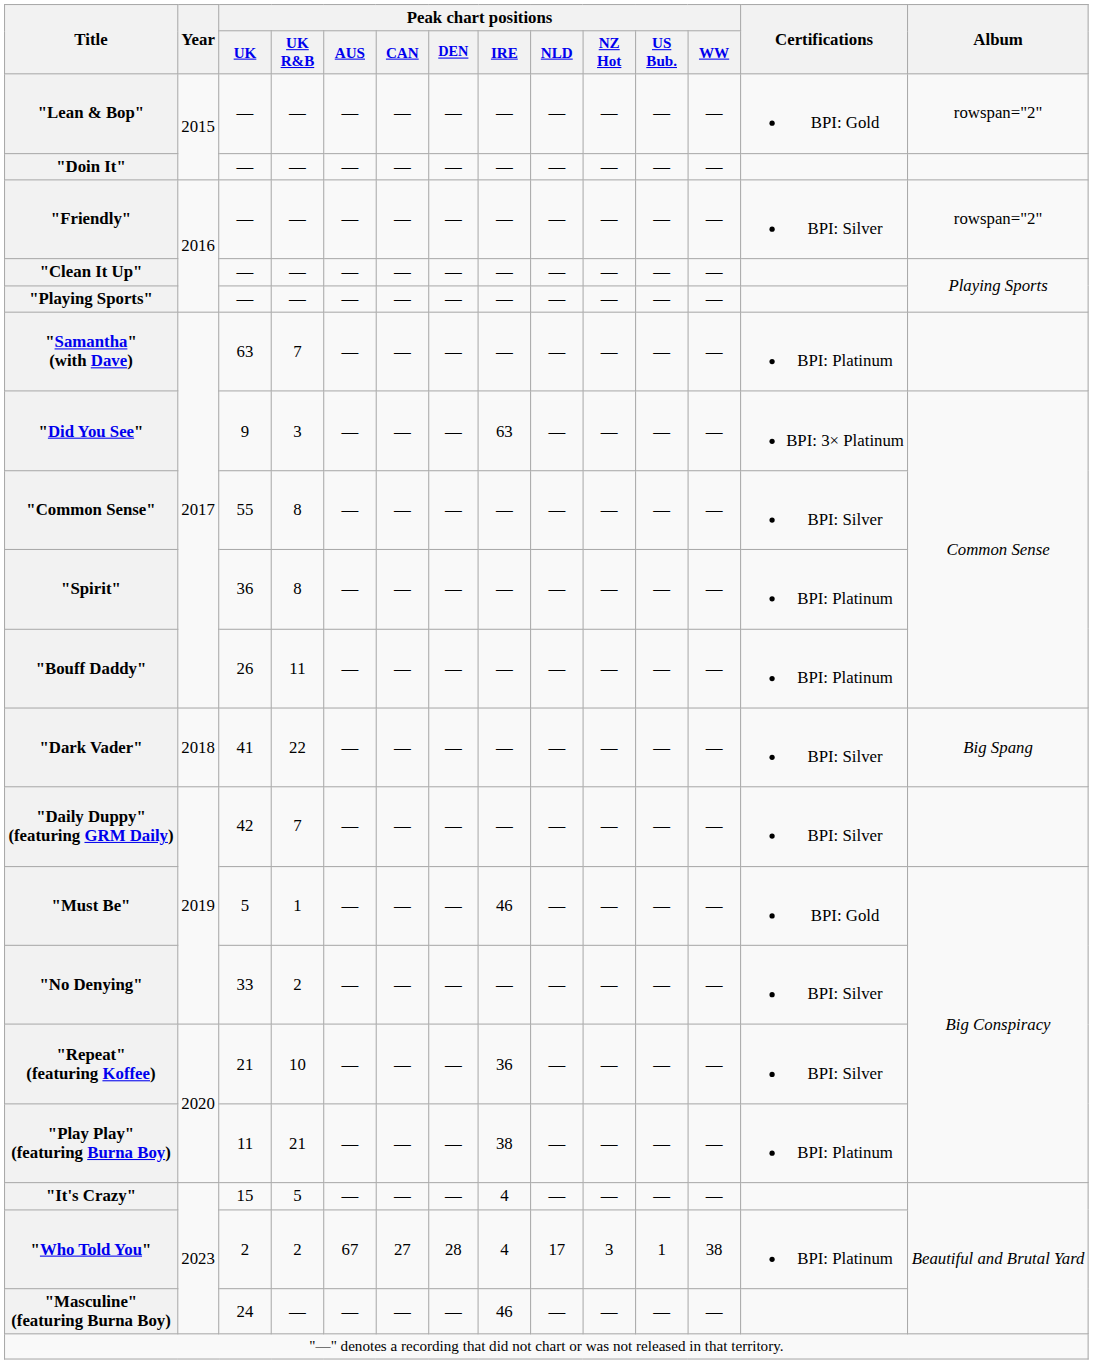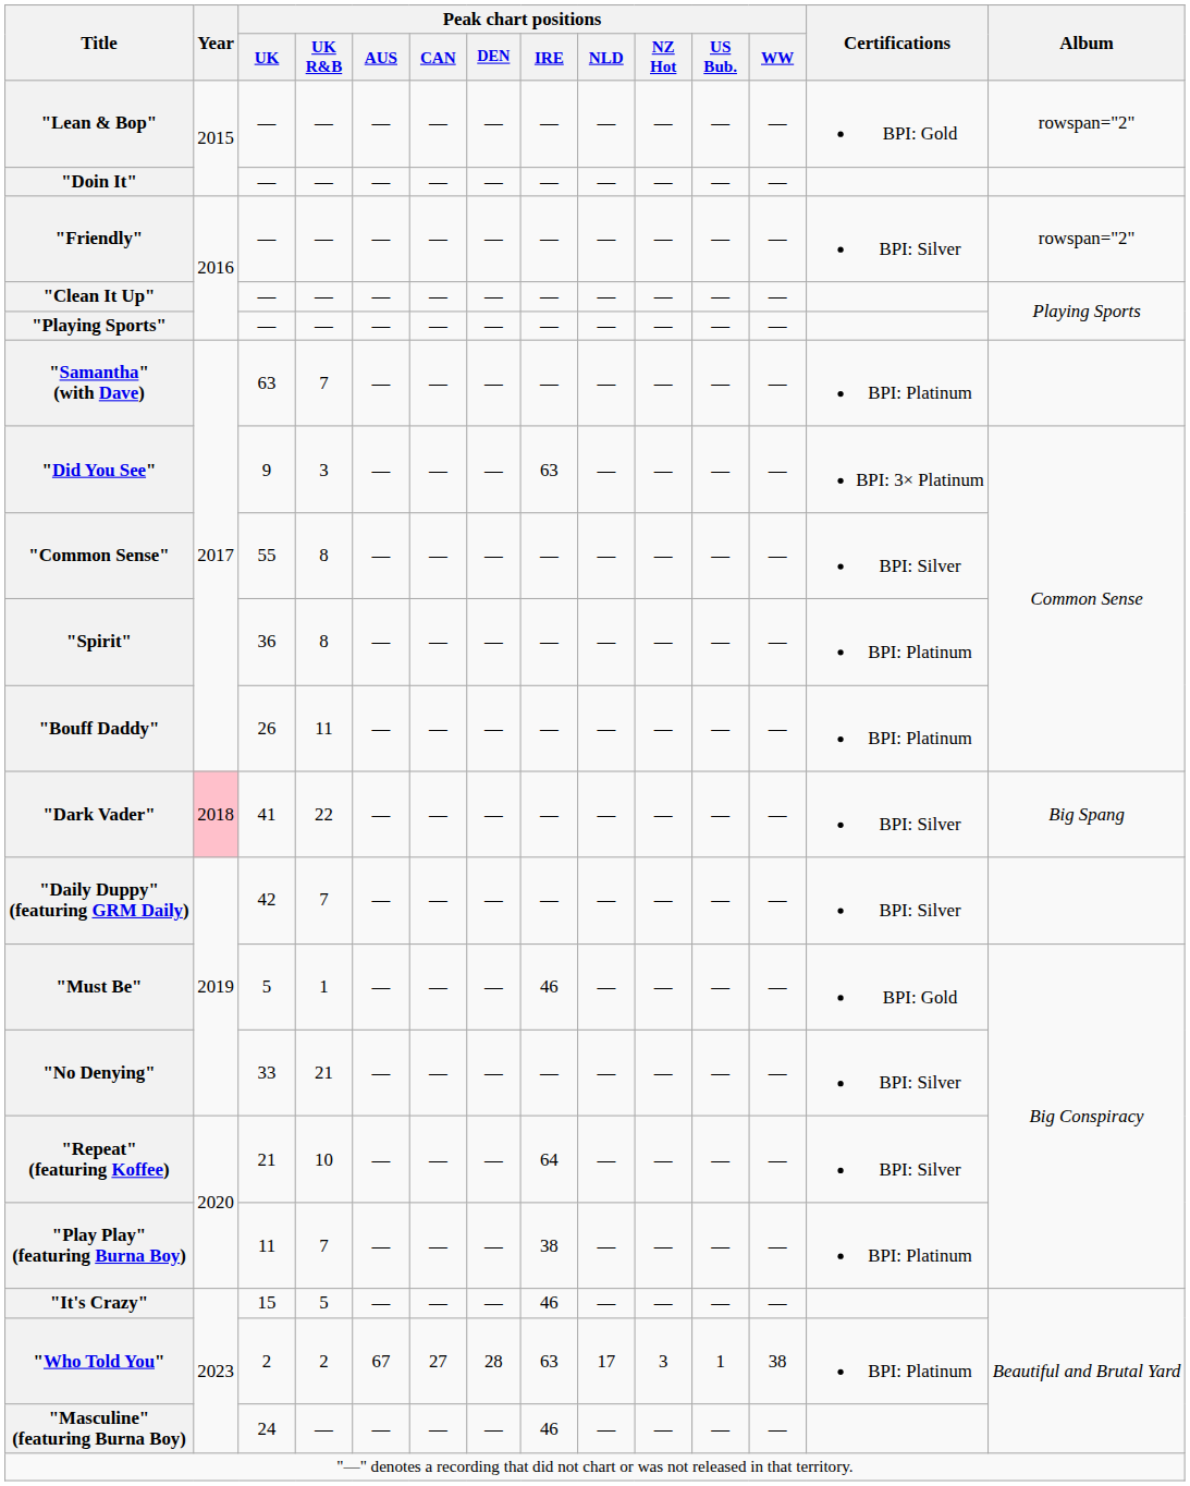 <table class="wikitable plainrowheaders" style="text-align:center;">
 <tr>
 <th scope="col" rowspan="2">Title</th>
 <th scope="col" rowspan="2">Year</th>
 <th scope="col" colspan="10">Peak chart positions</th>
 <th scope="col" rowspan="2">Certifications</th>
 <th scope="col" rowspan="2">Album</th>
 </tr>
 <tr>
 <th scope="col" style="width:3em;font-size:90%;"><a href='#'>UK</a><br></th>
 <th scope="col" style="width:3em;font-size:90%;"><a href='#'>UK<br>R&B</a><br></th>
 <th scope="col" style="width:3em;font-size:90%;"><a href='#'>AUS</a><br></th>
 <th scope="col" style="width:3em;font-size:90%;"><a href='#'>CAN</a><br></th>
 <th scope="col" style="width:3em;font-size:85%;"><a href='#'>DEN</a><br></th>
 <th scope="col" style="width:3em;font-size:90%;"><a href='#'>IRE</a><br></th>
 <th scope="col" style="width:3em;font-size:90%;"><a href='#'>NLD</a><br></th>
 <th scope="col" style="width:3em;font-size:90%;"><a href='#'>NZ<br>Hot</a><br></th>
 <th scope="col" style="width:3em;font-size:90%;"><a href='#'>US<br>Bub.</a><br></th>
 <th scope="col" style="width:3em;font-size:90%;"><a href='#'>WW</a><br></th>
 </tr>
 <tr>
 <th scope="row">"Lean & Bop"</th>
 <td rowspan="2">2015</td>
 <td>—</td>
 <td>—</td>
 <td>—</td>
 <td>—</td>
 <td>—</td>
 <td>—</td>
 <td>—</td>
 <td>—</td>
 <td>—</td>
 <td>—</td>
 <td><br><ul><li>BPI: Gold</li></ul></td>
 <td>rowspan="2" </td>
 </tr>
 <tr>
 <th scope="row">"Doin It"</th>
 <td>—</td>
 <td>—</td>
 <td>—</td>
 <td>—</td>
 <td>—</td>
 <td>—</td>
 <td>—</td>
 <td>—</td>
 <td>—</td>
 <td>—</td>
 <td></td>
 </tr>
 <tr>
 <th scope="row">"Friendly"</th>
 <td rowspan="3">2016</td>
 <td>—</td>
 <td>—</td>
 <td>—</td>
 <td>—</td>
 <td>—</td>
 <td>—</td>
 <td>—</td>
 <td>—</td>
 <td>—</td>
 <td>—</td>
 <td><br><ul><li>BPI: Silver</li></ul></td>
 <td>rowspan="2" </td>
 </tr>
 <tr>
 <th scope="row">"Clean It Up"</th>
 <td>—</td>
 <td>—</td>
 <td>—</td>
 <td>—</td>
 <td>—</td>
 <td>—</td>
 <td>—</td>
 <td>—</td>
 <td>—</td>
 <td>—</td>
 <td></td>
 <td rowspan="2"><em>Playing Sports</em></td>
 </tr>
 <tr>
 <th scope="row">"Playing Sports"</th>
 <td>—</td>
 <td>—</td>
 <td>—</td>
 <td>—</td>
 <td>—</td>
 <td>—</td>
 <td>—</td>
 <td>—</td>
 <td>—</td>
 <td>—</td>
 <td></td>
 </tr>
 <tr>
 <th scope="row">"<a href='#'>Samantha</a>"<br><span>(with <a href='#'>Dave</a>)</span></th>
 <td rowspan="5">2017</td>
 <td>63</td>
 <td>7</td>
 <td>—</td>
 <td>—</td>
 <td>—</td>
 <td>—</td>
 <td>—</td>
 <td>—</td>
 <td>—</td>
 <td>—</td>
 <td><br><ul><li>BPI: Platinum</li></ul></td>
 <td></td>
 </tr>
 <tr>
 <th scope="row">"<a href='#'>Did You See</a>"</th>
 <td>9</td>
 <td>3</td>
 <td>—</td>
 <td>—</td>
 <td>—</td>
 <td>63</td>
 <td>—</td>
 <td>—</td>
 <td>—</td>
 <td>—</td>
 <td><br><ul><li>BPI: 3× Platinum</li></ul></td>
 <td rowspan="4"><em>Common Sense</em></td>
 </tr>
 <tr>
 <th scope="row">"Common Sense"</th>
 <td>55</td>
 <td>8</td>
 <td>—</td>
 <td>—</td>
 <td>—</td>
 <td>—</td>
 <td>—</td>
 <td>—</td>
 <td>—</td>
 <td>—</td>
 <td><br><ul><li>BPI: Silver</li></ul></td>
 </tr>
 <tr>
 <th scope="row">"Spirit"</th>
 <td>36</td>
 <td>8</td>
 <td>—</td>
 <td>—</td>
 <td>—</td>
 <td>—</td>
 <td>—</td>
 <td>—</td>
 <td>—</td>
 <td>—</td>
 <td><br><ul><li>BPI: Platinum</li></ul></td>
 </tr>
 <tr>
 <th scope="row">"Bouff Daddy"</th>
 <td>26</td>
 <td>11</td>
 <td>—</td>
 <td>—</td>
 <td>—</td>
 <td>—</td>
 <td>—</td>
 <td>—</td>
 <td>—</td>
 <td>—</td>
 <td><br><ul><li>BPI: Platinum</li></ul></td>
 </tr>
 <tr>
 <th scope="row">"Dark Vader"</th>
-<td>2018</td>
+<td style="background: pink;">2018</td>
 <td>41</td>
 <td>22</td>
 <td>—</td>
 <td>—</td>
 <td>—</td>
 <td>—</td>
 <td>—</td>
 <td>—</td>
 <td>—</td>
 <td>—</td>
 <td><br><ul><li>BPI: Silver</li></ul></td>
 <td><em>Big Spang</em></td>
 </tr>
 <tr>
 <th scope="row">"Daily Duppy"<br><span>(featuring <a href='#'>GRM Daily</a>)</span></th>
 <td rowspan="3">2019</td>
 <td>42</td>
 <td>7</td>
 <td>—</td>
 <td>—</td>
 <td>—</td>
 <td>—</td>
 <td>—</td>
 <td>—</td>
 <td>—</td>
 <td>—</td>
 <td><br><ul><li>BPI: Silver</li></ul></td>
 <td></td>
 </tr>
 <tr>
 <th scope="row">"Must Be"</th>
 <td>5</td>
 <td>1</td>
 <td>—</td>
 <td>—</td>
 <td>—</td>
 <td>46</td>
 <td>—</td>
 <td>—</td>
 <td>—</td>
 <td>—</td>
 <td><br><ul><li>BPI: Gold</li></ul></td>
 <td rowspan="4"><em>Big Conspiracy</em></td>
 </tr>
 <tr>
 <th scope="row">"No Denying"</th>
 <td>33</td>
-<td>2</td>
+<td>21</td>
 <td>—</td>
 <td>—</td>
 <td>—</td>
 <td>—</td>
 <td>—</td>
 <td>—</td>
 <td>—</td>
 <td>—</td>
 <td><br><ul><li>BPI: Silver</li></ul></td>
 </tr>
 <tr>
 <th scope="row">"Repeat"<br><span>(featuring <a href='#'>Koffee</a>)</span></th>
 <td rowspan="2">2020</td>
 <td>21</td>
 <td>10</td>
 <td>—</td>
 <td>—</td>
 <td>—</td>
-<td>36</td>
+<td>64</td>
 <td>—</td>
 <td>—</td>
 <td>—</td>
 <td>—</td>
 <td><br><ul><li>BPI: Silver</li></ul></td>
 </tr>
 <tr>
 <th scope="row">"Play Play"<br><span>(featuring <a href='#'>Burna Boy</a>)</span></th>
 <td>11</td>
-<td>21</td>
+<td>7</td>
 <td>—</td>
 <td>—</td>
 <td>—</td>
 <td>38</td>
 <td>—</td>
 <td>—</td>
 <td>—</td>
 <td>—</td>
 <td><br><ul><li>BPI: Platinum</li></ul></td>
 </tr>
 <tr>
 <th scope="row">"It's Crazy"</th>
 <td rowspan="3">2023</td>
 <td>15</td>
 <td>5</td>
 <td>—</td>
 <td>—</td>
 <td>—</td>
-<td>4</td>
+<td>46</td>
 <td>—</td>
 <td>—</td>
 <td>—</td>
 <td>—</td>
 <td></td>
 <td rowspan="3"><em>Beautiful and Brutal Yard</em></td>
 </tr>
 <tr>
 <th scope="row">"<a href='#'>Who Told You</a>"<br></th>
 <td>2</td>
 <td>2</td>
 <td>67</td>
 <td>27</td>
 <td>28</td>
-<td>4</td>
+<td>63</td>
 <td>17</td>
 <td>3</td>
 <td>1</td>
 <td>38</td>
 <td><br><ul><li>BPI: Platinum</li></ul></td>
 </tr>
 <tr>
 <th scope="row">"Masculine"<br><span>(featuring Burna Boy)</span></th>
 <td>24</td>
 <td>—</td>
 <td>—</td>
 <td>—</td>
 <td>—</td>
 <td>46</td>
 <td>—</td>
 <td>—</td>
 <td>—</td>
 <td>—</td>
 <td></td>
 </tr>
 <tr>
 <td colspan="14" style="font-size:90%">"—" denotes a recording that did not chart or was not released in that territory.</td>
 </tr>
 </table>
